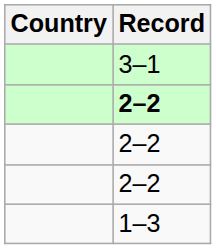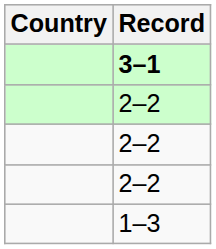 <table class="wikitable">
 <tr>
 <th>Country</th>
 <th>Record</th>
 </tr>
 <tr bgcolor="ccffcc">
 <td><strong></strong></td>
-<td>3–1</td>
+<td><strong>3–1</strong></td>
 </tr>
 <tr bgcolor="ccffcc">
 <td><strong></strong></td>
-<td><strong>2–2</strong></td>
+<td>2–2</td>
 </tr>
 <tr>
 <td><strong></strong></td>
 <td>2–2</td>
 </tr>
 <tr>
 <td><strong></strong></td>
 <td>2–2</td>
 </tr>
 <tr>
 <td><strong></strong></td>
 <td>1–3</td>
 </tr>
 </table>
